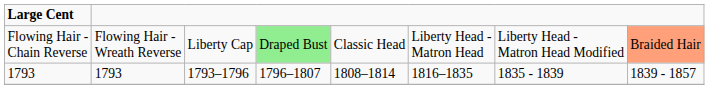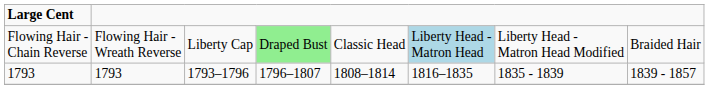 <table class="wikitable">
 <tr>
 <td><strong>Large Cent</strong></td>
 </tr>
 <tr>
 <td>Flowing Hair -<br>Chain Reverse</td>
 <td>Flowing Hair -<br>Wreath Reverse</td>
 <td>Liberty Cap</td>
 <td style="background: lightgreen;">Draped Bust</td>
 <td>Classic Head</td>
-<td>Liberty Head -<br>Matron Head</td>
+<td style="background: lightblue;">Liberty Head -<br>Matron Head</td>
 <td>Liberty Head -<br>Matron Head Modified</td>
-<td style="background: lightsalmon;">Braided Hair</td>
+<td>Braided Hair</td>
 </tr>
 <tr>
 <td>1793</td>
 <td>1793</td>
 <td>1793–1796</td>
 <td>1796–1807</td>
 <td>1808–1814</td>
 <td>1816–1835</td>
 <td>1835 - 1839</td>
 <td>1839 - 1857</td>
 </tr>
 <tr>
 </tr>
 </table>
